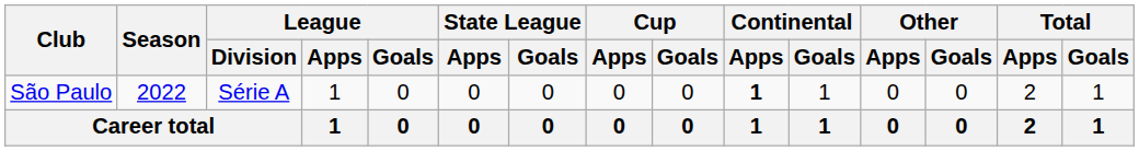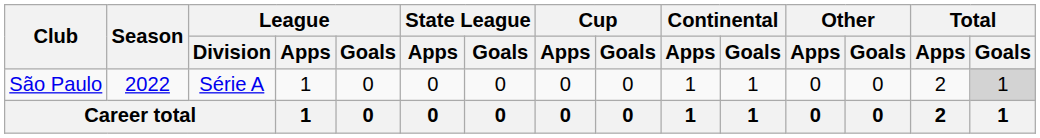 <table class="wikitable" style="text-align: center">
 <tr>
 <th rowspan="2">Club</th>
 <th rowspan="2">Season</th>
 <th colspan="3">League</th>
 <th colspan="2">State League</th>
 <th colspan="2">Cup</th>
 <th colspan="2">Continental</th>
 <th colspan="2">Other</th>
 <th colspan="2">Total</th>
 </tr>
 <tr>
 <th>Division</th>
 <th>Apps</th>
 <th>Goals</th>
 <th>Apps</th>
 <th>Goals</th>
 <th>Apps</th>
 <th>Goals</th>
 <th>Apps</th>
 <th>Goals</th>
 <th>Apps</th>
 <th>Goals</th>
 <th>Apps</th>
 <th>Goals</th>
 </tr>
 <tr>
 <td><a href='#'>São Paulo</a></td>
 <td><a href='#'>2022</a></td>
 <td><a href='#'>Série A</a></td>
 <td>1</td>
 <td>0</td>
 <td>0</td>
 <td>0</td>
 <td>0</td>
 <td>0</td>
-<td><strong>1</strong></td>
+<td>1</td>
 <td>1</td>
 <td>0</td>
 <td>0</td>
 <td>2</td>
-<td>1</td>
+<td style="background: lightgrey;">1</td>
 </tr>
 <tr>
 <th colspan="3"><strong>Career total</strong></th>
 <th>1</th>
 <th>0</th>
 <th>0</th>
 <th>0</th>
 <th>0</th>
 <th>0</th>
 <th>1</th>
 <th>1</th>
 <th>0</th>
 <th>0</th>
 <th>2</th>
 <th>1</th>
 </tr>
 </table>
